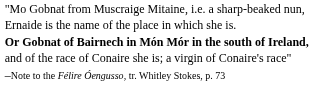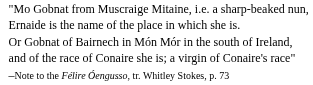 <table class="toccolours" style="float:right; margin-left: 2em; margin-right: 2em">
 <tr>
 <td>"Mo Gobnat from Muscraige Mitaine, i.e. a sharp-beaked nun,</td>
 </tr>
 <tr>
 <td>Ernaide is the name of the place in which she is.</td>
 </tr>
 <tr>
-<td><strong>Or Gobnat of Bairnech in Món Mór in the south of Ireland,</strong></td>
+<td>Or Gobnat of Bairnech in Món Mór in the south of Ireland,</td>
 </tr>
 <tr>
 <td>and of the race of Conaire she is; a virgin of Conaire's race"</td>
 </tr>
 <tr>
 <td>–<small>Note to the <em>Félire Óengusso</em>, tr. Whitley Stokes, p. 73</small></td>
 </tr>
 </table>
